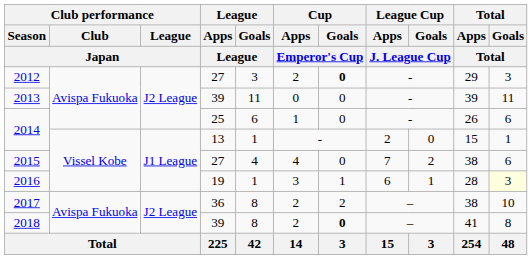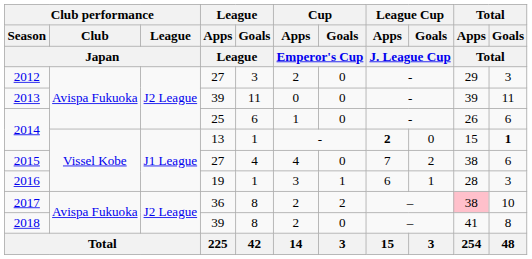 <table class="wikitable" style="text-align:center;">
 <tr>
 <th colspan=3>Club performance</th>
 <th colspan=2>League</th>
 <th colspan=2>Cup</th>
 <th colspan=2>League Cup</th>
 <th colspan=2>Total</th>
 </tr>
 <tr>
 <th>Season</th>
 <th>Club</th>
 <th>League</th>
 <th>Apps</th>
 <th>Goals</th>
 <th>Apps</th>
 <th>Goals</th>
 <th>Apps</th>
 <th>Goals</th>
 <th>Apps</th>
 <th>Goals</th>
 </tr>
 <tr>
 <th colspan=3>Japan</th>
 <th colspan=2>League</th>
 <th colspan=2><a href='#'>Emperor's Cup</a></th>
 <th colspan=2><a href='#'>J. League Cup</a></th>
 <th colspan=2>Total</th>
 </tr>
 <tr>
 <td><a href='#'>2012</a></td>
 <td rowspan="3"><a href='#'>Avispa Fukuoka</a></td>
 <td rowspan="3"><a href='#'>J2 League</a></td>
 <td>27</td>
 <td>3</td>
 <td>2</td>
-<td><strong>0</strong></td>
+<td>0</td>
 <td colspan="2">-</td>
 <td>29</td>
 <td>3</td>
 </tr>
 <tr>
 <td><a href='#'>2013</a></td>
 <td>39</td>
 <td>11</td>
 <td>0</td>
 <td>0</td>
 <td colspan="2">-</td>
 <td>39</td>
 <td>11</td>
 </tr>
 <tr>
 <td rowspan="2"><a href='#'>2014</a></td>
 <td>25</td>
 <td>6</td>
 <td>1</td>
 <td>0</td>
 <td colspan="2">-</td>
 <td>26</td>
 <td>6</td>
 </tr>
 <tr>
 <td rowspan="3"><a href='#'>Vissel Kobe</a></td>
 <td rowspan="3"><a href='#'>J1 League</a></td>
 <td>13</td>
 <td>1</td>
 <td colspan="2">-</td>
-<td>2</td>
+<td><strong>2</strong></td>
 <td>0</td>
 <td>15</td>
-<td>1</td>
+<td><strong>1</strong></td>
 </tr>
 <tr>
 <td><a href='#'>2015</a></td>
 <td>27</td>
 <td>4</td>
 <td>4</td>
 <td>0</td>
 <td>7</td>
 <td>2</td>
 <td>38</td>
 <td>6</td>
 </tr>
 <tr>
 <td><a href='#'>2016</a></td>
 <td>19</td>
 <td>1</td>
 <td>3</td>
 <td>1</td>
 <td>6</td>
 <td>1</td>
 <td>28</td>
-<td style="background: lightyellow;">3</td>
+<td>3</td>
 </tr>
 <tr>
 <td><a href='#'>2017</a></td>
 <td rowspan="2"><a href='#'>Avispa Fukuoka</a></td>
 <td rowspan="2"><a href='#'>J2 League</a></td>
 <td>36</td>
 <td>8</td>
 <td>2</td>
 <td>2</td>
 <td colspan="2">–</td>
-<td>38</td>
+<td style="background: pink;">38</td>
 <td>10</td>
 </tr>
 <tr>
 <td><a href='#'>2018</a></td>
 <td>39</td>
 <td>8</td>
 <td>2</td>
-<td><strong>0</strong></td>
+<td>0</td>
 <td colspan="2">–</td>
 <td>41</td>
 <td>8</td>
 </tr>
 <tr>
 <th colspan=3>Total</th>
 <th>225</th>
 <th>42</th>
 <th>14</th>
 <th>3</th>
 <th>15</th>
 <th>3</th>
 <th>254</th>
 <th>48</th>
 </tr>
 </table>
